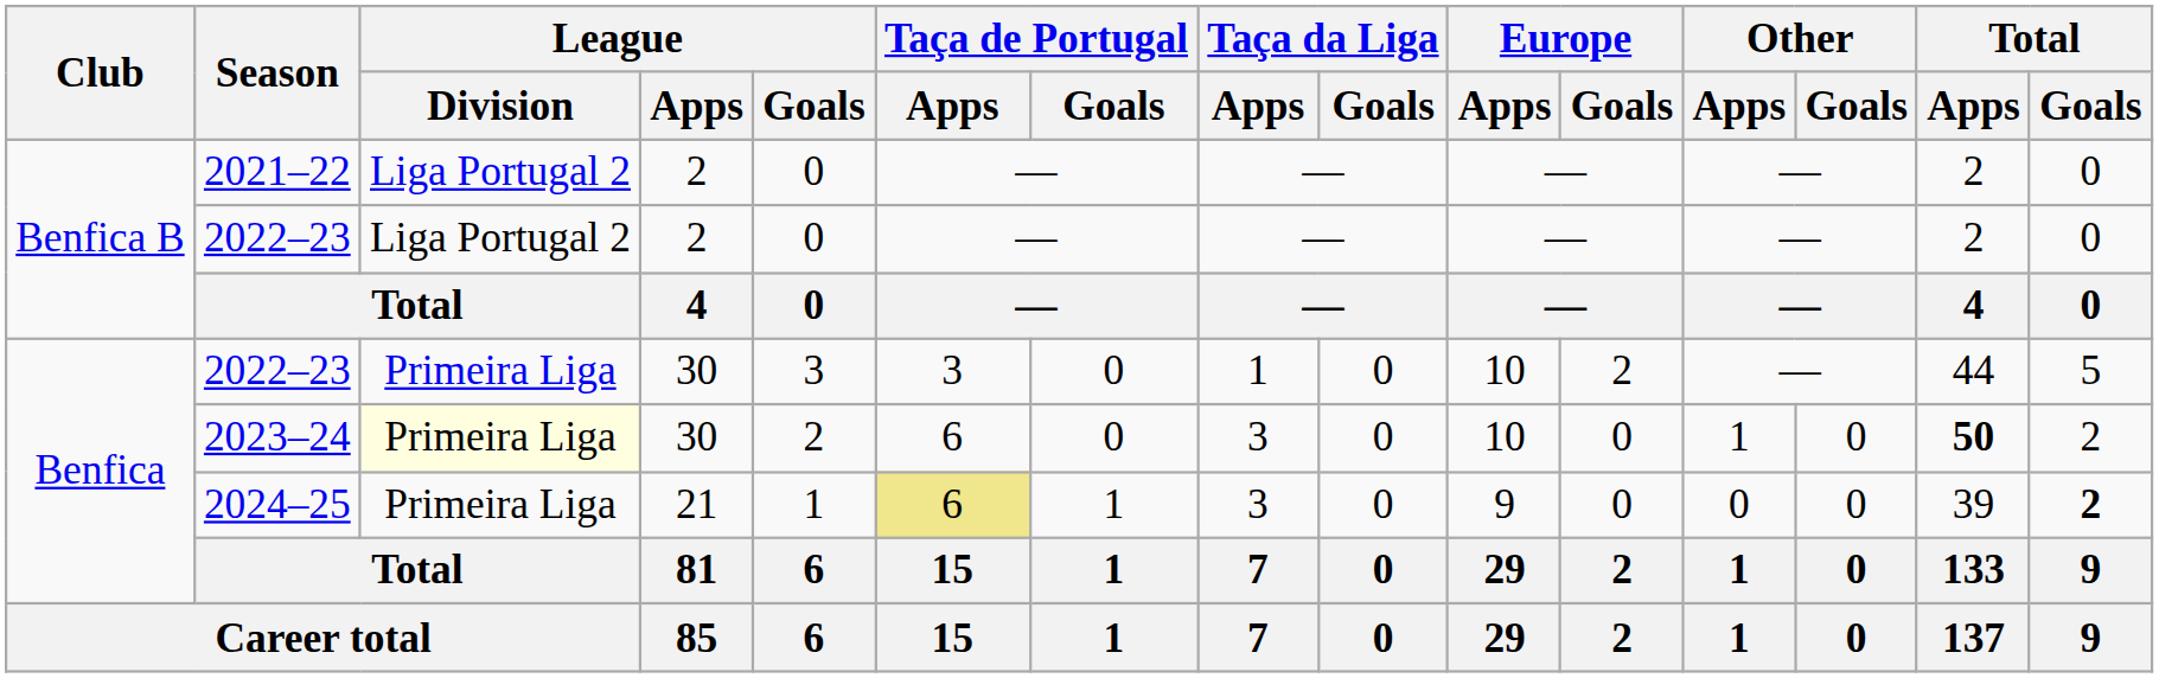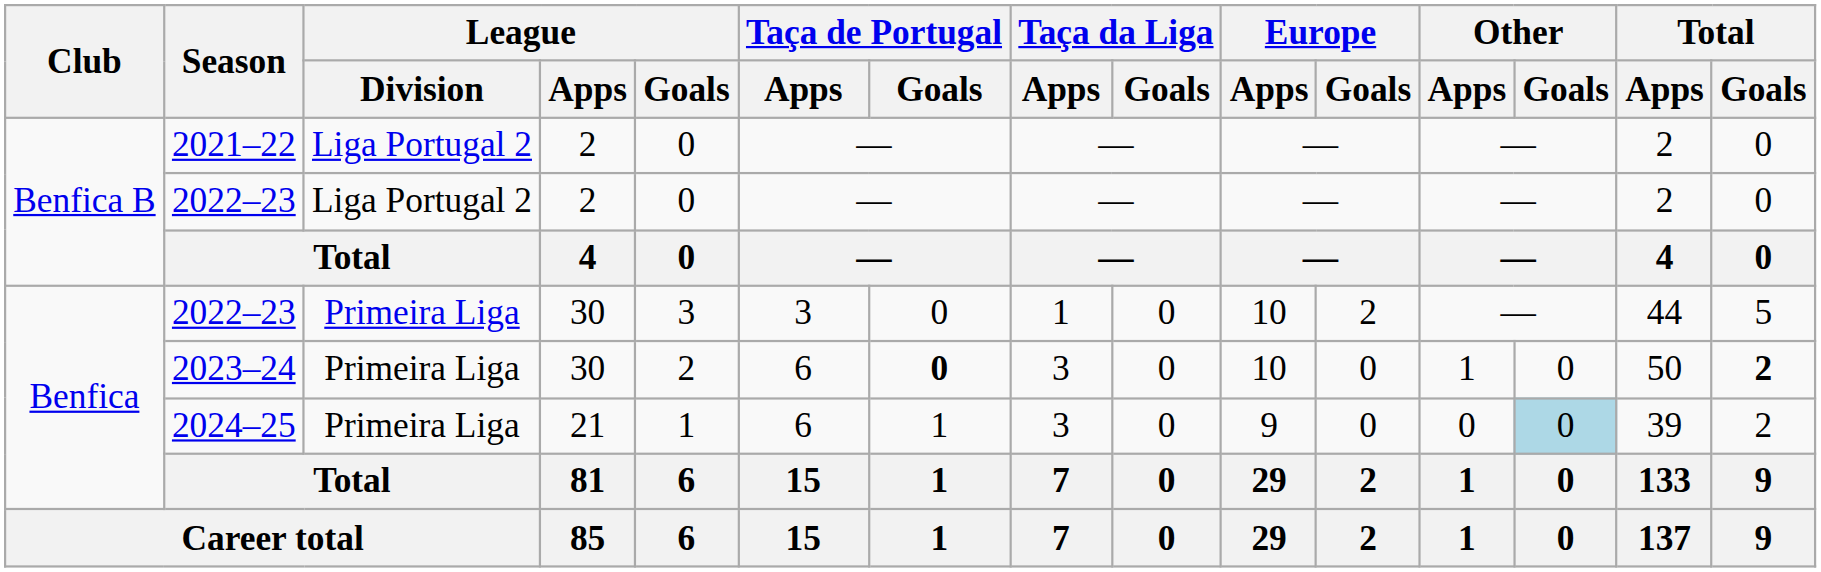 <table class="wikitable" style="text-align:center">
 <tr>
 <th rowspan="2">Club</th>
 <th rowspan="2">Season</th>
 <th colspan="3">League</th>
 <th colspan="2"><a href='#'>Taça de Portugal</a></th>
 <th colspan="2"><a href='#'>Taça da Liga</a></th>
 <th colspan="2"><a href='#'>Europe</a></th>
 <th colspan="2">Other</th>
 <th colspan="2">Total</th>
 </tr>
 <tr>
 <th>Division</th>
 <th>Apps</th>
 <th>Goals</th>
 <th>Apps</th>
 <th>Goals</th>
 <th>Apps</th>
 <th>Goals</th>
 <th>Apps</th>
 <th>Goals</th>
 <th>Apps</th>
 <th>Goals</th>
 <th>Apps</th>
 <th>Goals</th>
 </tr>
 <tr>
 <td rowspan="3"><a href='#'>Benfica B</a></td>
 <td><a href='#'>2021–22</a></td>
 <td><a href='#'>Liga Portugal 2</a></td>
 <td>2</td>
 <td>0</td>
 <td colspan="2">—</td>
 <td colspan="2">—</td>
 <td colspan="2">—</td>
 <td colspan="2">—</td>
 <td>2</td>
 <td>0</td>
 </tr>
 <tr>
 <td><a href='#'>2022–23</a></td>
 <td>Liga Portugal 2</td>
 <td>2</td>
 <td>0</td>
 <td colspan="2">—</td>
 <td colspan="2">—</td>
 <td colspan="2">—</td>
 <td colspan="2">—</td>
 <td>2</td>
 <td>0</td>
 </tr>
 <tr>
 <th colspan="2">Total</th>
 <th>4</th>
 <th>0</th>
 <th colspan="2">—</th>
 <th colspan="2">—</th>
 <th colspan="2">—</th>
 <th colspan="2">—</th>
 <th>4</th>
 <th>0</th>
 </tr>
 <tr>
 <td rowspan="4"><a href='#'>Benfica</a></td>
 <td><a href='#'>2022–23</a></td>
 <td><a href='#'>Primeira Liga</a></td>
 <td>30</td>
 <td>3</td>
 <td>3</td>
 <td>0</td>
 <td>1</td>
 <td>0</td>
 <td>10</td>
 <td>2</td>
 <td colspan="2">—</td>
 <td>44</td>
 <td>5</td>
 </tr>
 <tr>
 <td><a href='#'>2023–24</a></td>
-<td style="background: lightyellow;">Primeira Liga</td>
+<td>Primeira Liga</td>
 <td>30</td>
 <td>2</td>
 <td>6</td>
-<td>0</td>
+<td><strong>0</strong></td>
 <td>3</td>
 <td>0</td>
 <td>10</td>
 <td>0</td>
 <td>1</td>
 <td>0</td>
-<td><strong>50</strong></td>
-<td>2</td>
+<td>50</td>
+<td><strong>2</strong></td>
 </tr>
 <tr>
 <td><a href='#'>2024–25</a></td>
 <td>Primeira Liga</td>
 <td>21</td>
 <td>1</td>
-<td style="background: khaki;">6</td>
+<td>6</td>
 <td>1</td>
 <td>3</td>
 <td>0</td>
 <td>9</td>
 <td>0</td>
 <td>0</td>
-<td>0</td>
+<td style="background: lightblue;">0</td>
 <td>39</td>
-<td><strong>2</strong></td>
+<td>2</td>
 </tr>
 <tr>
 <th colspan="2">Total</th>
 <th>81</th>
 <th>6</th>
 <th>15</th>
 <th>1</th>
 <th>7</th>
 <th>0</th>
 <th>29</th>
 <th>2</th>
 <th>1</th>
 <th>0</th>
 <th>133</th>
 <th>9</th>
 </tr>
 <tr>
 <th colspan="3">Career total</th>
 <th>85</th>
 <th>6</th>
 <th>15</th>
 <th>1</th>
 <th>7</th>
 <th>0</th>
 <th>29</th>
 <th>2</th>
 <th>1</th>
 <th>0</th>
 <th>137</th>
 <th>9</th>
 </tr>
 </table>
